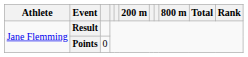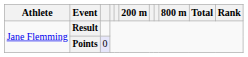 <table class=wikitable style="font-size:90%; text-align:center">
 <tr>
 <th>Athlete</th>
 <th>Event</th>
 <th></th>
 <th></th>
 <th></th>
 <th>200 m</th>
 <th></th>
 <th></th>
 <th>800 m</th>
 <th>Total</th>
 <th>Rank</th>
 </tr>
 <tr align=center>
 <td align=left rowspan=2><a href='#'>Jane Flemming</a></td>
 <th style="font-size:95%">Result</th>
 <td></td>
 <td rowspan=2 colspan=8></td>
 </tr>
 <tr align=center>
 <th style="font-size:95%">Points</th>
-<td>0</td>
+<td style="background: lavender;">0</td>
 </tr>
 </table>
